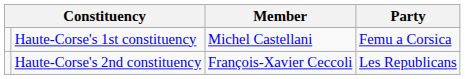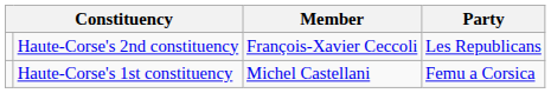 <table class="wikitable">
 <tr>
 <th colspan="2">Constituency</th>
 <th>Member</th>
 <th>Party</th>
 </tr>
 <tr>
 <td style="background-color: "></td>
+<td><a href='#'>Haute-Corse's 2nd constituency</a></td>
+<td><a href='#'>François-Xavier Ceccoli</a></td>
+<td><a href='#'>Les Republicans</a></td>
+</tr>
+<tr>
+<td style="background-color: "></td>
 <td><a href='#'>Haute-Corse's 1st constituency</a></td>
 <td><a href='#'>Michel Castellani</a></td>
 <td><a href='#'>Femu a Corsica</a></td>
 </tr>
-<tr>
-<td style="background-color: "></td>
-<td><a href='#'>Haute-Corse's 2nd constituency</a></td>
-<td><a href='#'>François-Xavier Ceccoli</a></td>
-<td><a href='#'>Les Republicans</a></td>
-</tr>
 </table>
